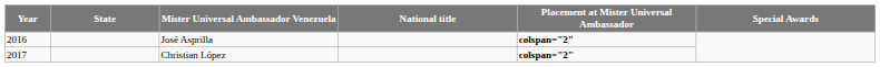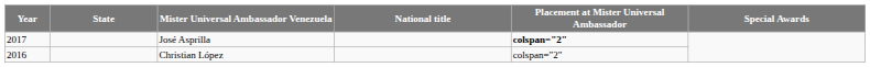 <table class="sortable" border="5" cellpadding="2" cellspacing="0" align=" 0 1em 0 0" style="background: #f9f9f9; border: 1px #aaa solid; border-collapse: collapse; font-size: 90%">
 <tr>
 <th width="60" style="background-color:#787878;color:#FFFFFF;">Year</th>
 <th width="150" style="background-color:#787878;color:#FFFFFF;">State</th>
 <th width="250" style="background-color:#787878;color:#FFFFFF;">Mister Universal Ambassador Venezuela</th>
 <th width="250" style="background-color:#787878;color:#FFFFFF;">National title</th>
 <th width="250" style="background-color:#787878;color:#FFFFFF;">Placement at Mister Universal Ambassador</th>
 <th width="250" style="background-color:#787878;color:#FFFFFF;">Special Awards</th>
 </tr>
 <tr>
-<td>2016</td>
+<td>2017</td>
 <td></td>
 <td>José Asprilla</td>
 <td></td>
 <td><strong>colspan="2" </strong></td>
 </tr>
 <tr>
-<td>2017</td>
+<td>2016</td>
 <td></td>
 <td>Christian López</td>
 <td></td>
-<td><strong>colspan="2" </strong></td>
+<td>colspan="2" </td>
 </tr>
 </table>
